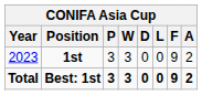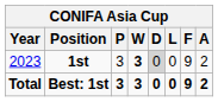 <table class="wikitable" style="text-align: center;">
 <tr>
 <th colspan=8>CONIFA Asia Cup</th>
 </tr>
 <tr>
 <th>Year</th>
 <th>Position</th>
 <th>P</th>
 <th>W</th>
 <th>D</th>
 <th>L</th>
 <th>F</th>
 <th>A</th>
 </tr>
 <tr>
 <td> <a href='#'>2023</a></td>
 <td><strong>1st</strong></td>
 <td>3</td>
-<td>3</td>
-<td>0</td>
+<td><strong>3</strong></td>
+<td style="background: lightgrey;">0</td>
 <td>0</td>
 <td>9</td>
 <td>2</td>
 </tr>
 <tr>
 <td><strong>Total</strong></td>
 <td><strong>Best: 1st</strong></td>
 <td><strong>3</strong></td>
 <td><strong>3</strong></td>
 <td><strong>0</strong></td>
 <td><strong>0</strong></td>
 <td><strong>9</strong></td>
 <td><strong>2</strong></td>
 </tr>
 </table>
